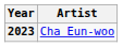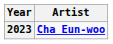 <table class="wikitable mw-collapsible mw-collapsed" style="font-size:small; text-align:center">
 <tr>
 <th>Year</th>
 <th>Artist</th>
 </tr>
 <tr>
 <th>2023</th>
-<td><a href='#'>Cha Eun-woo</a></td>
+<td><strong><a href='#'>Cha Eun-woo</a></strong></td>
 </tr>
 </table>
